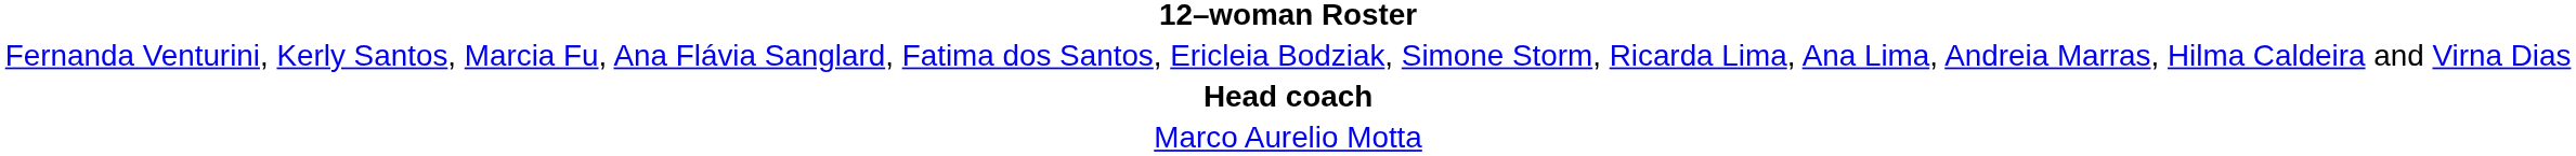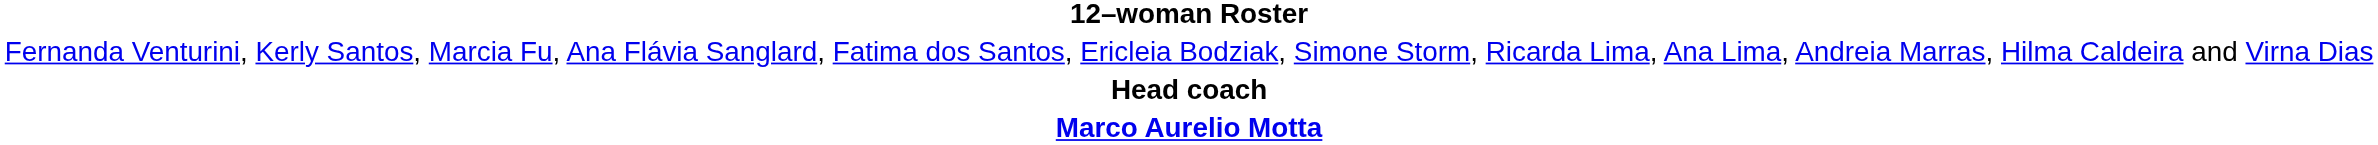 <table style="text-align: center; margin-top: 2em; margin-left: auto; margin-right: auto">
 <tr>
 <td><strong>12–woman Roster</strong></td>
 </tr>
 <tr>
 <td><a href='#'>Fernanda Venturini</a>, <a href='#'>Kerly Santos</a>, <a href='#'>Marcia Fu</a>, <a href='#'>Ana Flávia Sanglard</a>, <a href='#'>Fatima dos Santos</a>, <a href='#'>Ericleia Bodziak</a>, <a href='#'>Simone Storm</a>, <a href='#'>Ricarda Lima</a>, <a href='#'>Ana Lima</a>, <a href='#'>Andreia Marras</a>, <a href='#'>Hilma Caldeira</a> and <a href='#'>Virna Dias</a></td>
 </tr>
 <tr>
 <td><strong>Head coach</strong></td>
 </tr>
 <tr>
-<td><a href='#'>Marco Aurelio Motta</a></td>
+<td><strong><a href='#'>Marco Aurelio Motta</a></strong></td>
 </tr>
 </table>
